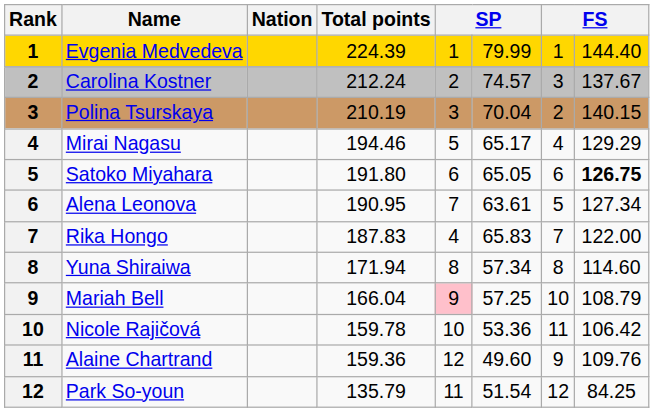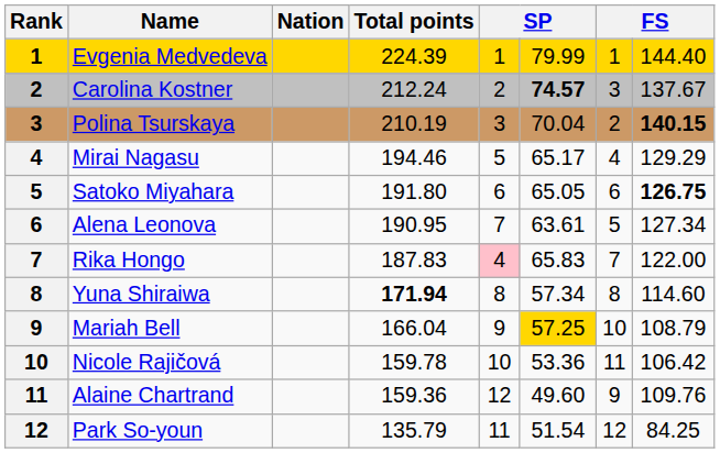 <table class="wikitable sortable">
 <tr>
 <th>Rank</th>
 <th>Name</th>
 <th>Nation</th>
 <th>Total points</th>
 <th colspan="2" width="80px"><a href='#'>SP</a></th>
 <th colspan="2" width="80px"><a href='#'>FS</a></th>
 </tr>
 <tr bgcolor="gold">
 <td align="center"><strong>1</strong></td>
 <td><a href='#'>Evgenia Medvedeva</a></td>
 <td></td>
 <td align="center">224.39</td>
 <td align="center">1</td>
 <td align="center">79.99</td>
 <td align="center">1</td>
 <td align="center">144.40</td>
 </tr>
 <tr bgcolor="silver">
 <td align="center"><strong>2</strong></td>
 <td><a href='#'>Carolina Kostner</a></td>
 <td></td>
 <td align="center">212.24</td>
 <td align="center">2</td>
-<td align="center">74.57</td>
+<td align="center"><strong>74.57</strong></td>
 <td align="center">3</td>
 <td align="center">137.67</td>
 </tr>
 <tr bgcolor="cc9966">
 <td align="center"><strong>3</strong></td>
 <td><a href='#'>Polina Tsurskaya</a></td>
 <td></td>
 <td align="center">210.19</td>
 <td align="center">3</td>
 <td align="center">70.04</td>
 <td align="center">2</td>
-<td align="center">140.15</td>
+<td align="center"><strong>140.15</strong></td>
 </tr>
 <tr>
 <th>4</th>
 <td><a href='#'>Mirai Nagasu</a></td>
 <td></td>
 <td align="center">194.46</td>
 <td align="center">5</td>
 <td align="center">65.17</td>
 <td align="center">4</td>
 <td align="center">129.29</td>
 </tr>
 <tr>
 <th>5</th>
 <td><a href='#'>Satoko Miyahara</a></td>
 <td></td>
 <td align="center">191.80</td>
 <td align="center">6</td>
 <td align="center">65.05</td>
 <td align="center">6</td>
 <td align="center"><strong>126.75</strong></td>
 </tr>
 <tr>
 <th>6</th>
 <td><a href='#'>Alena Leonova</a></td>
 <td></td>
 <td align="center">190.95</td>
 <td align="center">7</td>
 <td align="center">63.61</td>
 <td align="center">5</td>
 <td align="center">127.34</td>
 </tr>
 <tr>
 <th>7</th>
 <td><a href='#'>Rika Hongo</a></td>
 <td></td>
 <td align="center">187.83</td>
-<td align="center">4</td>
+<td align="center" style="background: pink;">4</td>
 <td align="center">65.83</td>
 <td align="center">7</td>
 <td align="center">122.00</td>
 </tr>
 <tr>
 <th>8</th>
 <td><a href='#'>Yuna Shiraiwa</a></td>
 <td></td>
-<td align="center">171.94</td>
+<td align="center"><strong>171.94</strong></td>
 <td align="center">8</td>
 <td align="center">57.34</td>
 <td align="center">8</td>
 <td align="center">114.60</td>
 </tr>
 <tr>
 <th>9</th>
 <td><a href='#'>Mariah Bell</a></td>
 <td></td>
 <td align="center">166.04</td>
-<td align="center" style="background: pink;">9</td>
-<td align="center">57.25</td>
+<td align="center">9</td>
+<td align="center" style="background: gold;">57.25</td>
 <td align="center">10</td>
 <td align="center">108.79</td>
 </tr>
 <tr>
 <th>10</th>
 <td><a href='#'>Nicole Rajičová</a></td>
 <td></td>
 <td align="center">159.78</td>
 <td align="center">10</td>
 <td align="center">53.36</td>
 <td align="center">11</td>
 <td align="center">106.42</td>
 </tr>
 <tr>
 <th>11</th>
 <td><a href='#'>Alaine Chartrand</a></td>
 <td></td>
 <td align="center">159.36</td>
 <td align="center">12</td>
 <td align="center">49.60</td>
 <td align="center">9</td>
 <td align="center">109.76</td>
 </tr>
 <tr>
 <th>12</th>
 <td><a href='#'>Park So-youn</a></td>
 <td></td>
 <td align="center">135.79</td>
 <td align="center">11</td>
 <td align="center">51.54</td>
 <td align="center">12</td>
 <td align="center">84.25</td>
 </tr>
 </table>
